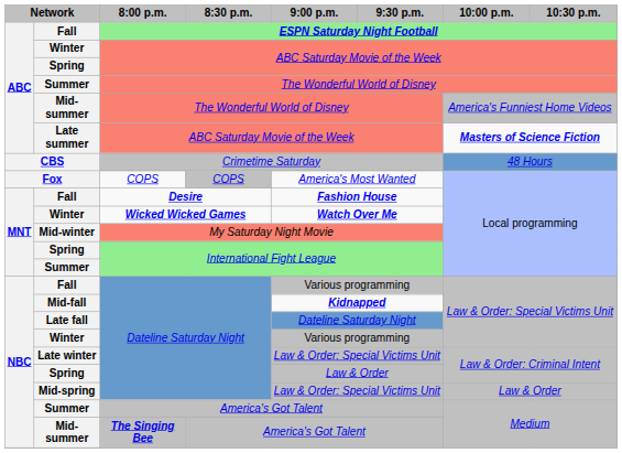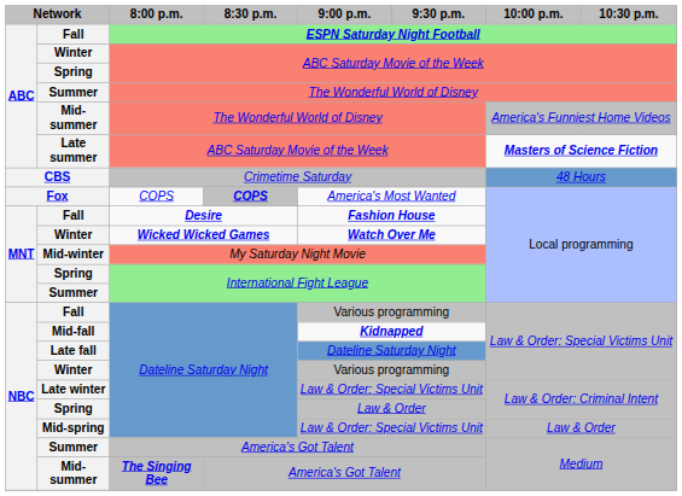 <table class="wikitable" style="width:100%;margin-right:0;text-align:center">
 <tr>
 <th colspan="2" style="background-color:#C0C0C0;text-align:center;width:15%;">Network</th>
 <th style="background-color:#C0C0C0;text-align:center;width:14%;">8:00 p.m.</th>
 <th style="background-color:#C0C0C0;text-align:center;width:14%;">8:30 p.m.</th>
 <th style="background-color:#C0C0C0;text-align:center;width:14%;">9:00 p.m.</th>
 <th style="background-color:#C0C0C0;text-align:center;width:14%;">9:30 p.m.</th>
 <th style="background-color:#C0C0C0;text-align:center">10:00 p.m.</th>
 <th style="background-color:#C0C0C0;text-align:center">10:30 p.m.</th>
 </tr>
 <tr>
 <th rowspan="6"><a href='#'>ABC</a></th>
 <th>Fall</th>
 <td style="background:lightgreen;" colspan="6"><strong><em><a href='#'>ESPN Saturday Night Football</a></em></strong> </td>
 </tr>
 <tr>
 <th>Winter</th>
 <td style="background:#FA8072;" colspan="6" rowspan="2"><em><a href='#'>ABC Saturday Movie of the Week</a></em></td>
 </tr>
 <tr>
 <th>Spring</th>
 </tr>
 <tr>
 <th>Summer</th>
 <td style="background:#FA8072;" colspan="6"><em><a href='#'>The Wonderful World of Disney</a></em></td>
 </tr>
 <tr>
 <th>Mid-summer</th>
 <td style="background:#FA8072;" colspan="4"><em><a href='#'>The Wonderful World of Disney</a></em></td>
 <td colspan="2" style="background:#C0C0C0;"><em><a href='#'>America's Funniest Home Videos</a></em> </td>
 </tr>
 <tr>
 <th>Late summer</th>
 <td style="background:#FA8072;" colspan="4"><em><a href='#'>ABC Saturday Movie of the Week</a></em></td>
 <td colspan="2"><strong><em><a href='#'>Masters of Science Fiction</a></em></strong></td>
 </tr>
 <tr>
 <th colspan="2"><a href='#'>CBS</a></th>
 <td style="background:#C0C0C0;" colspan="4"><em><a href='#'>Crimetime Saturday</a></em></td>
 <td style="background:#6699CC;" colspan="2"><em><a href='#'>48 Hours</a></em></td>
 </tr>
 <tr>
 <th colspan="2"><a href='#'>Fox</a></th>
 <td><em><a href='#'>COPS</a></em></td>
-<td style="background:#C0C0C0;"><em><a href='#'>COPS</a></em> </td>
+<td style="background:#C0C0C0;"><strong><em><a href='#'>COPS</a></em> </strong></td>
 <td colspan="2"><em><a href='#'>America's Most Wanted</a></em></td>
 <td style="background:#abbfff;" rowspan="6" colspan="2">Local programming</td>
 </tr>
 <tr>
 <th rowspan="5"><a href='#'>MNT</a></th>
 <th>Fall</th>
 <td colspan="2"><strong><em><a href='#'>Desire</a></em></strong></td>
 <td colspan="2"><strong><em><a href='#'>Fashion House</a></em></strong></td>
 </tr>
 <tr>
 <th>Winter</th>
 <td colspan="2"><strong><em><a href='#'>Wicked Wicked Games</a></em></strong></td>
 <td colspan="2"><strong><em><a href='#'>Watch Over Me</a></em></strong></td>
 </tr>
 <tr>
 <th>Mid-winter</th>
 <td style="background:#FA8072;" colspan="4"><em>My Saturday Night Movie</em></td>
 </tr>
 <tr>
 <th>Spring</th>
 <td style="background:lightgreen;" colspan="4" rowspan="2"><em><a href='#'>International Fight League</a></em></td>
 </tr>
 <tr>
 <th>Summer</th>
 </tr>
 <tr>
 <th rowspan="9"><a href='#'>NBC</a></th>
 <th>Fall</th>
 <td style="background:#6699CC;" colspan="2" rowspan="7"><em><a href='#'>Dateline Saturday Night</a></em></td>
 <td style="background:#C0C0C0;" colspan="2">Various programming</td>
 <td colspan="2" rowspan="4" style="background:#C0C0C0;"><em><a href='#'>Law & Order: Special Victims Unit</a></em> </td>
 </tr>
 <tr>
 <th>Mid-fall</th>
 <td colspan="2"><strong><em><a href='#'>Kidnapped</a></em></strong></td>
 </tr>
 <tr>
 <th>Late fall</th>
 <td style="background:#6699CC;" colspan="2"><em><a href='#'>Dateline Saturday Night</a></em></td>
 </tr>
 <tr>
 <th>Winter</th>
 <td colspan="2" style="background:#C0C0C0;">Various programming</td>
 </tr>
 <tr>
 <th>Late winter</th>
 <td colspan="2" style="background:#C0C0C0;"><em><a href='#'>Law & Order: Special Victims Unit</a></em> </td>
 <td colspan="2" rowspan="2" style="background:#C0C0C0;"><em><a href='#'>Law & Order: Criminal Intent</a></em> </td>
 </tr>
 <tr>
 <th>Spring</th>
 <td colspan="2" style="background:#C0C0C0;"><em><a href='#'>Law & Order</a></em> </td>
 </tr>
 <tr>
 <th>Mid-spring</th>
 <td colspan="2" style="background:#C0C0C0;"><em><a href='#'>Law & Order: Special Victims Unit</a></em> </td>
 <td colspan="2" style="background:#C0C0C0;"><em><a href='#'>Law & Order</a></em> </td>
 </tr>
 <tr>
 <th>Summer</th>
 <td colspan="4" style="background:#C0C0C0;"><em><a href='#'>America's Got Talent</a></em> </td>
 <td colspan="2" rowspan="2" style="background:#C0C0C0;"><em><a href='#'>Medium</a></em> </td>
 </tr>
 <tr>
 <th>Mid-summer</th>
 <td style="background:#C0C0C0;"><strong><em><a href='#'>The Singing Bee</a></em></strong> </td>
 <td colspan="3" style="background:#C0C0C0;"><em><a href='#'>America's Got Talent</a></em> </td>
 </tr>
 <tr>
 </tr>
 </table>
